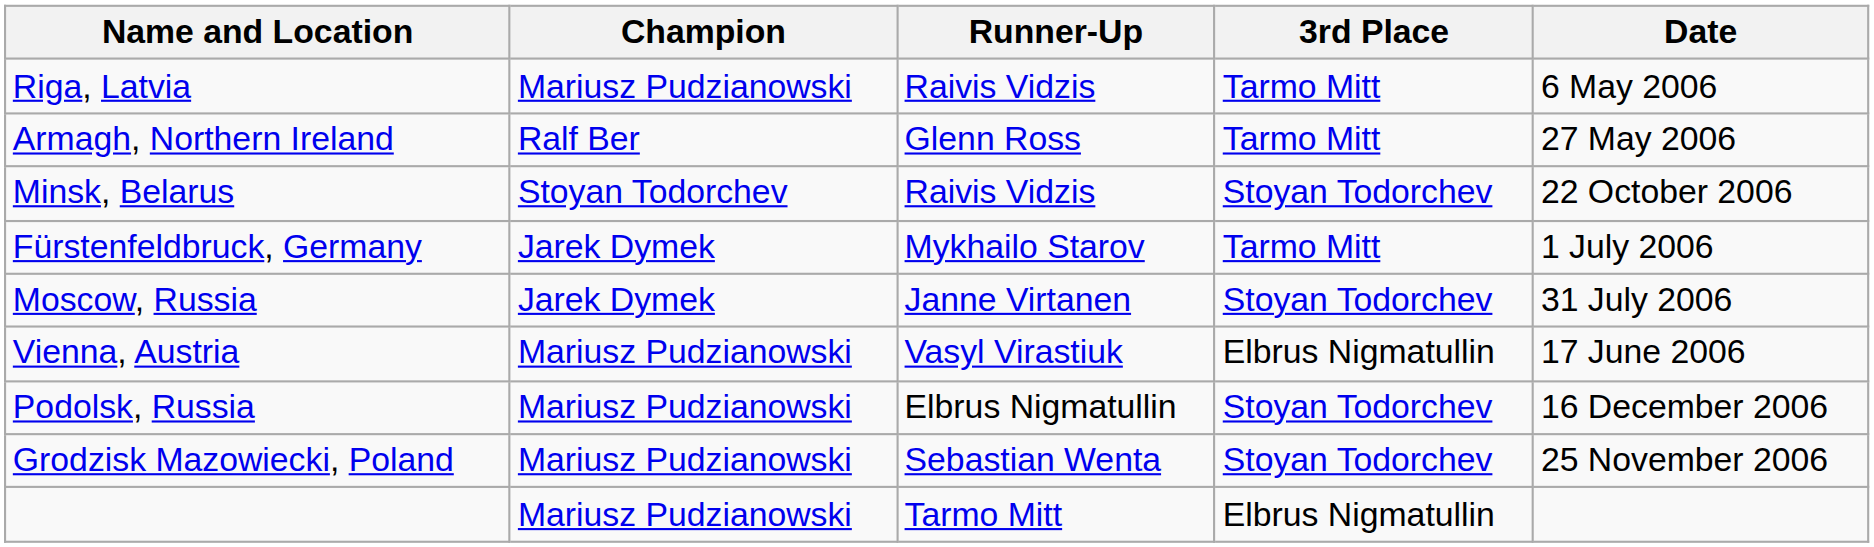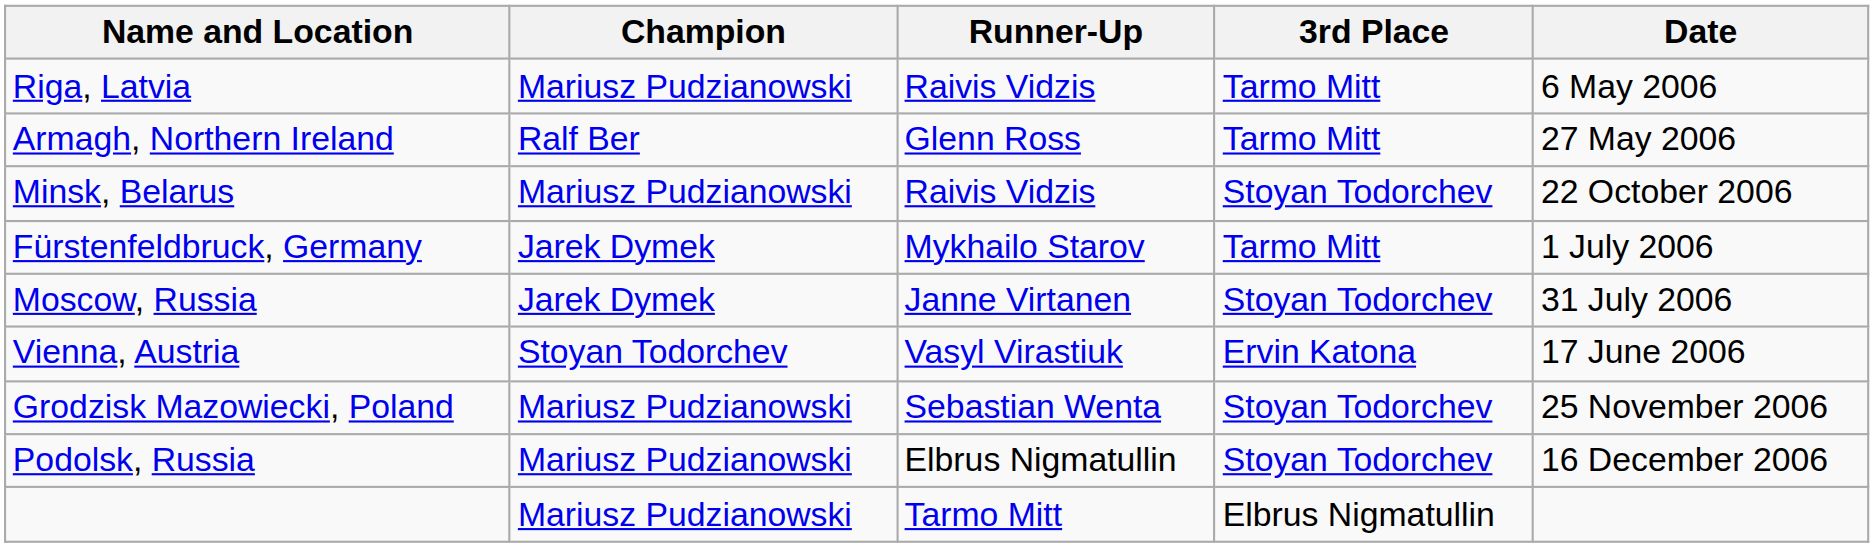 <table class="wikitable" style="display: inline-table;width: 100%;">
 <tr>
 <th>Name and Location</th>
 <th>Champion</th>
 <th>Runner-Up</th>
 <th>3rd Place</th>
 <th>Date</th>
 </tr>
 <tr>
 <td> <a href='#'>Riga</a>, <a href='#'>Latvia</a><br> </td>
 <td> <a href='#'>Mariusz Pudzianowski</a></td>
 <td> <a href='#'>Raivis Vidzis</a></td>
 <td> <a href='#'>Tarmo Mitt</a></td>
 <td>6 May 2006</td>
 </tr>
 <tr>
 <td> <a href='#'>Armagh</a>, <a href='#'>Northern Ireland</a><br> </td>
 <td> <a href='#'>Ralf Ber</a></td>
 <td> <a href='#'>Glenn Ross</a></td>
 <td> <a href='#'>Tarmo Mitt</a></td>
 <td>27 May 2006</td>
 </tr>
 <tr>
 <td> <a href='#'>Minsk</a>, <a href='#'>Belarus</a><br> </td>
-<td> <a href='#'>Stoyan Todorchev</a></td>
+<td> <a href='#'>Mariusz Pudzianowski</a></td>
 <td> <a href='#'>Raivis Vidzis</a></td>
 <td> <a href='#'>Stoyan Todorchev</a></td>
 <td>22 October 2006</td>
 </tr>
 <tr>
 <td> <a href='#'>Fürstenfeldbruck</a>, <a href='#'>Germany</a><br> </td>
 <td> <a href='#'>Jarek Dymek</a></td>
 <td> <a href='#'>Mykhailo Starov</a></td>
 <td> <a href='#'>Tarmo Mitt</a></td>
 <td>1 July 2006</td>
 </tr>
 <tr>
 <td> <a href='#'>Moscow</a>, <a href='#'>Russia</a><br> </td>
 <td> <a href='#'>Jarek Dymek</a></td>
 <td> <a href='#'>Janne Virtanen</a></td>
 <td> <a href='#'>Stoyan Todorchev</a></td>
 <td>31 July 2006</td>
 </tr>
 <tr>
 <td> <a href='#'>Vienna</a>, <a href='#'>Austria</a><br> </td>
+<td> <a href='#'>Stoyan Todorchev</a></td>
+<td> <a href='#'>Vasyl Virastiuk</a></td>
+<td> <a href='#'>Ervin Katona</a></td>
+<td>17 June 2006</td>
+</tr>
+<tr>
+<td> <a href='#'>Grodzisk Mazowiecki</a>, <a href='#'>Poland</a><br> </td>
 <td> <a href='#'>Mariusz Pudzianowski</a></td>
-<td> <a href='#'>Vasyl Virastiuk</a></td>
-<td> Elbrus Nigmatullin</td>
-<td>17 June 2006</td>
+<td> <a href='#'>Sebastian Wenta</a></td>
+<td> <a href='#'>Stoyan Todorchev</a></td>
+<td>25 November 2006</td>
 </tr>
 <tr>
 <td> <a href='#'>Podolsk</a>, <a href='#'>Russia</a><br> </td>
 <td> <a href='#'>Mariusz Pudzianowski</a></td>
 <td> Elbrus Nigmatullin</td>
 <td> <a href='#'>Stoyan Todorchev</a></td>
 <td>16 December 2006</td>
 </tr>
 <tr>
-<td> <a href='#'>Grodzisk Mazowiecki</a>, <a href='#'>Poland</a><br> </td>
-<td> <a href='#'>Mariusz Pudzianowski</a></td>
-<td> <a href='#'>Sebastian Wenta</a></td>
-<td> <a href='#'>Stoyan Todorchev</a></td>
-<td>25 November 2006</td>
-</tr>
-<tr>
 <td></td>
 <td> <a href='#'>Mariusz Pudzianowski</a></td>
 <td> <a href='#'>Tarmo Mitt</a></td>
 <td> Elbrus Nigmatullin</td>
 </tr>
 </table>
